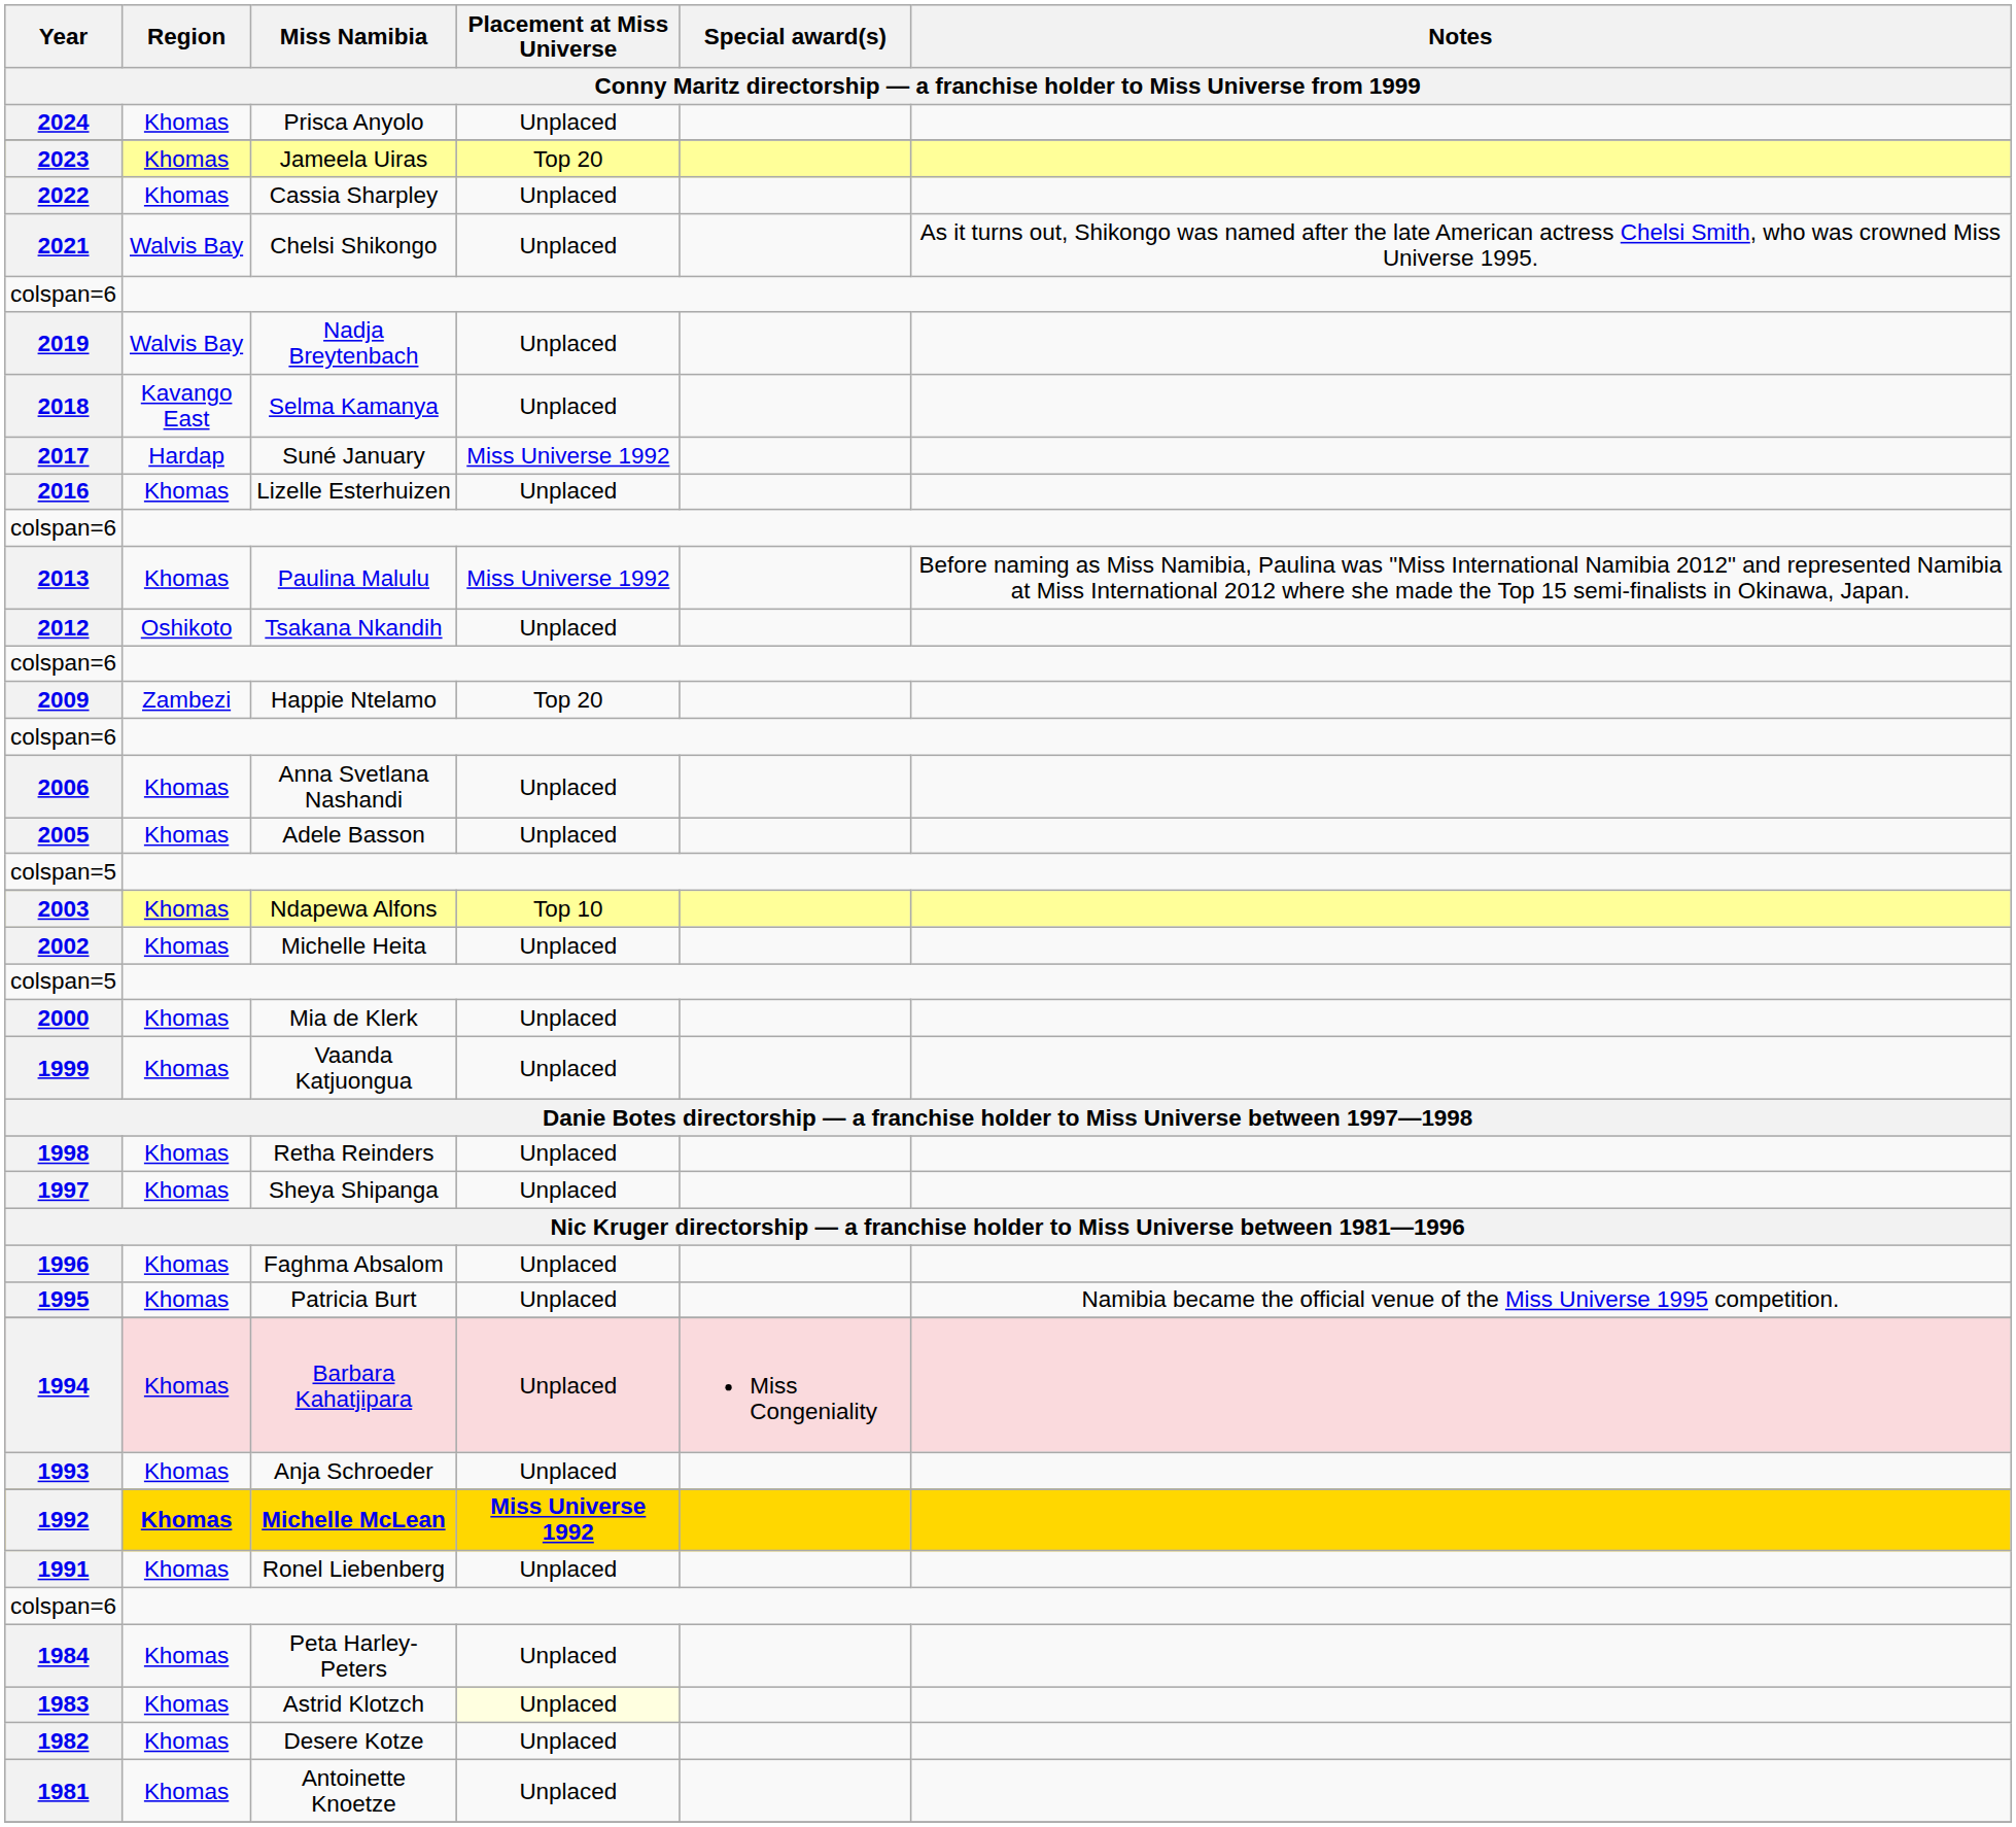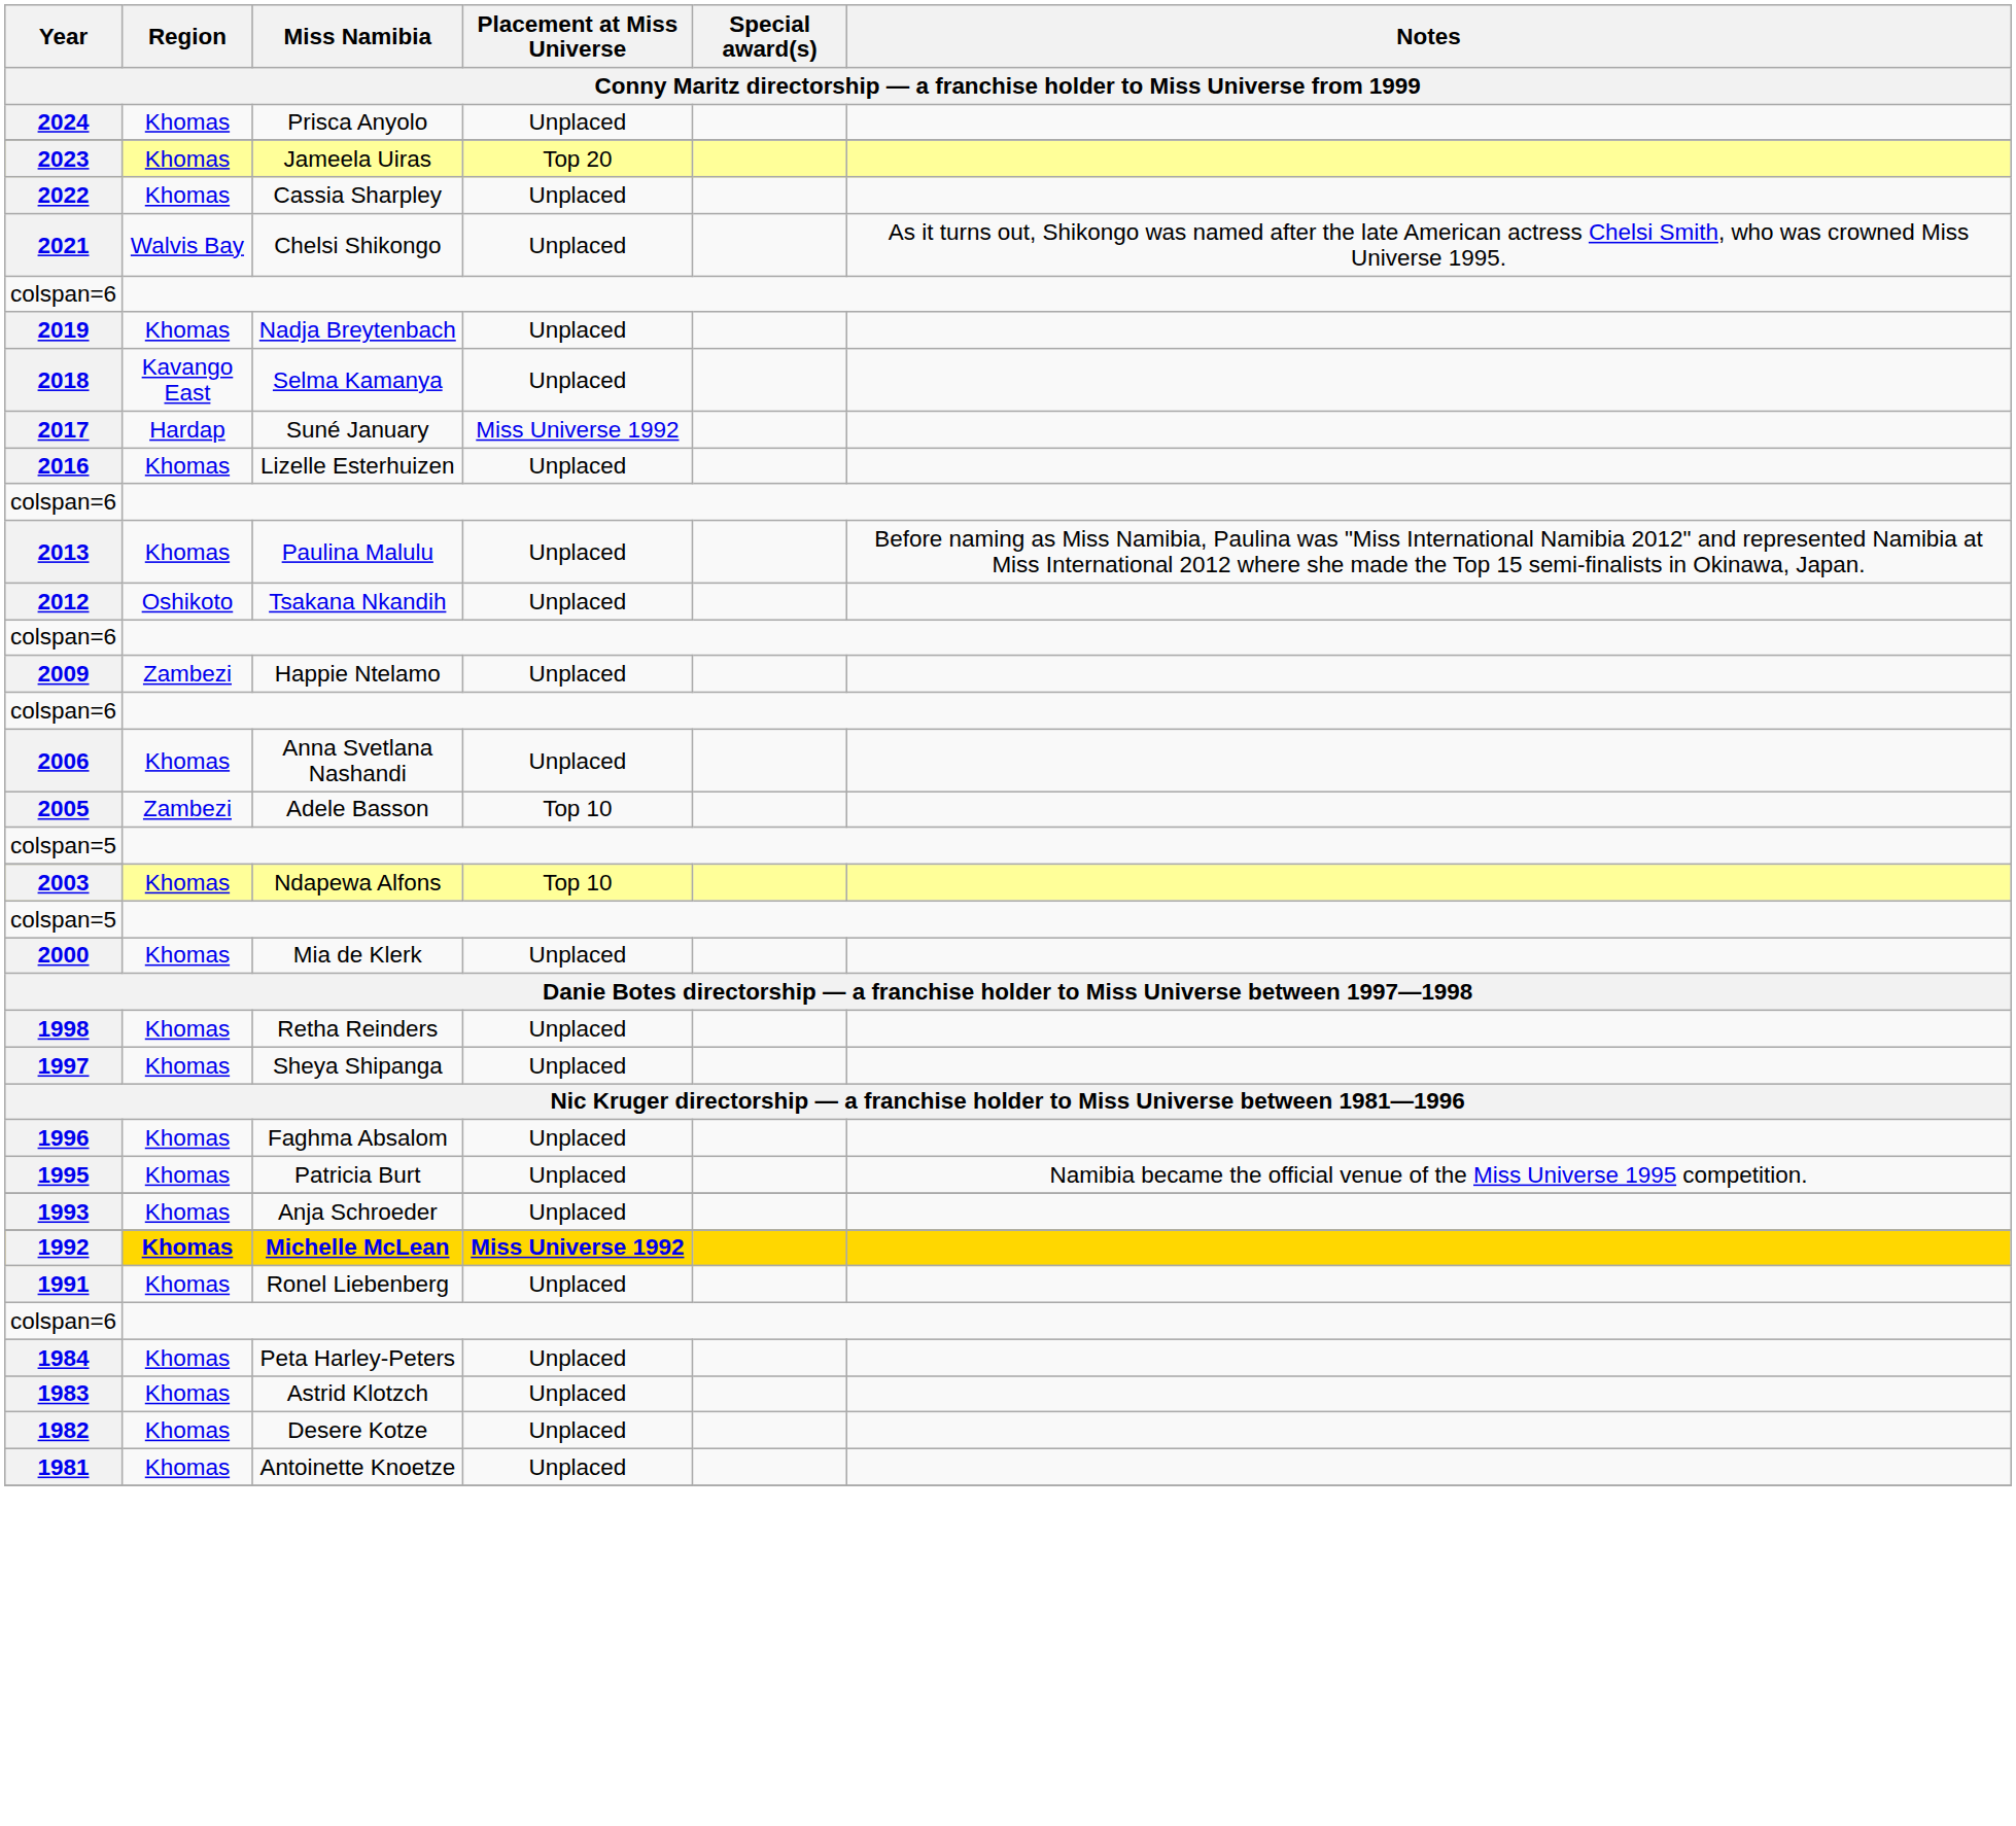 <table class="wikitable " style="font-size: 90%; text-align:center;">
 <tr>
 <th>Year</th>
 <th>Region</th>
 <th>Miss Namibia</th>
 <th>Placement at Miss Universe</th>
 <th>Special award(s)</th>
 <th>Notes</th>
 </tr>
 <tr>
 <th colspan="6">Conny Maritz  directorship — a franchise holder to Miss Universe from 1999</th>
 </tr>
 <tr>
 <th><a href='#'>2024</a></th>
 <td><a href='#'>Khomas</a></td>
 <td>Prisca Anyolo</td>
 <td>Unplaced</td>
 <td></td>
 <td></td>
 </tr>
 <tr>
 </tr>
 <tr style="background-color:#FFFF99; ">
 <th><a href='#'>2023</a></th>
 <td><a href='#'>Khomas</a></td>
 <td>Jameela Uiras</td>
 <td>Top 20</td>
 <td></td>
 <td></td>
 </tr>
 <tr>
 <th><a href='#'>2022</a></th>
 <td><a href='#'>Khomas</a></td>
 <td>Cassia Sharpley</td>
 <td>Unplaced</td>
 <td></td>
 <td></td>
 </tr>
 <tr>
 <th><a href='#'>2021</a></th>
 <td><a href='#'>Walvis Bay</a></td>
 <td>Chelsi Shikongo</td>
 <td>Unplaced</td>
 <td></td>
 <td>As it turns out, Shikongo was named after the late American actress <a href='#'>Chelsi Smith</a>, who was crowned Miss Universe 1995.</td>
 </tr>
 <tr>
 <td>colspan=6 </td>
 </tr>
 <tr>
 <th><a href='#'>2019</a></th>
-<td><a href='#'>Walvis Bay</a></td>
+<td><a href='#'>Khomas</a></td>
 <td><a href='#'>Nadja Breytenbach</a></td>
 <td>Unplaced</td>
 <td></td>
 <td></td>
 </tr>
 <tr>
 <th><a href='#'>2018</a></th>
 <td><a href='#'>Kavango East</a></td>
 <td><a href='#'>Selma Kamanya</a></td>
 <td>Unplaced</td>
 <td></td>
 <td></td>
 </tr>
 <tr>
 <th><a href='#'>2017</a></th>
 <td><a href='#'>Hardap</a></td>
 <td>Suné January</td>
 <td><a href='#'>Miss Universe 1992</a></td>
 <td></td>
 <td></td>
 </tr>
 <tr>
 <th><a href='#'>2016</a></th>
 <td><a href='#'>Khomas</a></td>
 <td>Lizelle Esterhuizen</td>
 <td>Unplaced</td>
 <td></td>
 <td></td>
 </tr>
 <tr>
 <td>colspan=6 </td>
 </tr>
 <tr>
 <th><a href='#'>2013</a></th>
 <td><a href='#'>Khomas</a></td>
 <td><a href='#'>Paulina Malulu</a></td>
-<td><a href='#'>Miss Universe 1992</a></td>
+<td>Unplaced</td>
 <td></td>
 <td>Before naming as Miss Namibia, Paulina was "Miss International Namibia 2012" and represented Namibia at Miss International 2012 where she made the Top 15 semi-finalists in Okinawa, Japan.</td>
 </tr>
 <tr>
 <th><a href='#'>2012</a></th>
 <td><a href='#'>Oshikoto</a></td>
 <td><a href='#'>Tsakana Nkandih</a></td>
 <td>Unplaced</td>
 <td></td>
 <td></td>
 </tr>
 <tr>
 <td>colspan=6 </td>
 </tr>
 <tr>
 <th><a href='#'>2009</a></th>
 <td><a href='#'>Zambezi</a></td>
 <td>Happie Ntelamo</td>
-<td>Top 20</td>
+<td>Unplaced</td>
 <td></td>
 <td></td>
 </tr>
 <tr>
 <td>colspan=6 </td>
 </tr>
 <tr>
 <th><a href='#'>2006</a></th>
 <td><a href='#'>Khomas</a></td>
 <td>Anna Svetlana Nashandi</td>
 <td>Unplaced</td>
 <td></td>
 <td></td>
 </tr>
 <tr>
 <th><a href='#'>2005</a></th>
-<td><a href='#'>Khomas</a></td>
+<td><a href='#'>Zambezi</a></td>
 <td>Adele Basson</td>
-<td>Unplaced</td>
+<td>Top 10</td>
 <td></td>
 <td></td>
 </tr>
 <tr>
 <td>colspan=5 </td>
 </tr>
 <tr>
 </tr>
 <tr style="background-color:#FFFF99; ">
 <th><a href='#'>2003</a></th>
 <td><a href='#'>Khomas</a></td>
 <td>Ndapewa Alfons</td>
 <td>Top 10</td>
 <td></td>
 <td></td>
 </tr>
 <tr>
-<th><a href='#'>2002</a></th>
-<td><a href='#'>Khomas</a></td>
-<td>Michelle Heita</td>
-<td>Unplaced</td>
-<td></td>
-<td></td>
-</tr>
-<tr>
 <td>colspan=5 </td>
 </tr>
 <tr>
 <th><a href='#'>2000</a></th>
 <td><a href='#'>Khomas</a></td>
 <td>Mia de Klerk</td>
-<td>Unplaced</td>
-<td></td>
-<td></td>
-</tr>
-<tr>
-<th><a href='#'>1999</a></th>
-<td><a href='#'>Khomas</a></td>
-<td>Vaanda Katjuongua</td>
 <td>Unplaced</td>
 <td></td>
 <td></td>
 </tr>
 <tr>
 <th colspan="6">Danie Botes directorship — a franchise holder to Miss Universe between 1997―1998</th>
 </tr>
 <tr>
 <th><a href='#'>1998</a></th>
 <td><a href='#'>Khomas</a></td>
 <td>Retha Reinders</td>
 <td>Unplaced</td>
 <td></td>
 <td></td>
 </tr>
 <tr>
 <th><a href='#'>1997</a></th>
 <td><a href='#'>Khomas</a></td>
 <td>Sheya Shipanga</td>
 <td>Unplaced</td>
 <td></td>
 <td></td>
 </tr>
 <tr>
 <th colspan="6">Nic Kruger directorship — a franchise holder to Miss Universe between 1981―1996</th>
 </tr>
 <tr>
 <th><a href='#'>1996</a></th>
 <td><a href='#'>Khomas</a></td>
 <td>Faghma Absalom</td>
 <td>Unplaced</td>
 <td></td>
 <td></td>
 </tr>
 <tr>
 <th><a href='#'>1995</a></th>
 <td><a href='#'>Khomas</a></td>
 <td>Patricia Burt</td>
 <td>Unplaced</td>
 <td></td>
 <td>Namibia became the official venue of the <a href='#'>Miss Universe 1995</a> competition.</td>
 </tr>
 <tr>
 </tr>
-<tr style="background-color:#FADADD; ">
-<th><a href='#'>1994</a></th>
-<td><a href='#'>Khomas</a></td>
-<td><a href='#'>Barbara Kahatjipara</a></td>
-<td>Unplaced</td>
-<td style="text-align:left"><br><ul><li>Miss Congeniality</li></ul></td>
-<td></td>
-</tr>
 <tr>
 <th><a href='#'>1993</a></th>
 <td><a href='#'>Khomas</a></td>
 <td>Anja Schroeder</td>
 <td>Unplaced</td>
 <td></td>
 <td></td>
 </tr>
 <tr>
 </tr>
 <tr style="background-color:gold; font-weight: bold ">
 <th><a href='#'>1992</a></th>
 <td><a href='#'>Khomas</a></td>
 <td><a href='#'>Michelle McLean</a></td>
 <td><a href='#'>Miss Universe 1992</a></td>
 <td></td>
 <td></td>
 </tr>
 <tr>
 <th><a href='#'>1991</a></th>
 <td><a href='#'>Khomas</a></td>
 <td>Ronel Liebenberg</td>
 <td>Unplaced</td>
 <td></td>
 <td></td>
 </tr>
 <tr>
 <td>colspan=6 </td>
 </tr>
 <tr>
 <th><a href='#'>1984</a></th>
 <td><a href='#'>Khomas</a></td>
 <td>Peta Harley-Peters</td>
 <td>Unplaced</td>
 <td></td>
 <td></td>
 </tr>
 <tr>
 <th><a href='#'>1983</a></th>
 <td><a href='#'>Khomas</a></td>
 <td>Astrid Klotzch</td>
-<td style="background: lightyellow;">Unplaced</td>
+<td>Unplaced</td>
 <td></td>
 <td></td>
 </tr>
 <tr>
 <th><a href='#'>1982</a></th>
 <td><a href='#'>Khomas</a></td>
 <td>Desere Kotze</td>
 <td>Unplaced</td>
 <td></td>
 <td></td>
 </tr>
 <tr>
 <th><a href='#'>1981</a></th>
 <td><a href='#'>Khomas</a></td>
 <td>Antoinette Knoetze</td>
 <td>Unplaced</td>
 <td></td>
 <td></td>
 </tr>
 <tr>
 </tr>
 </table>
